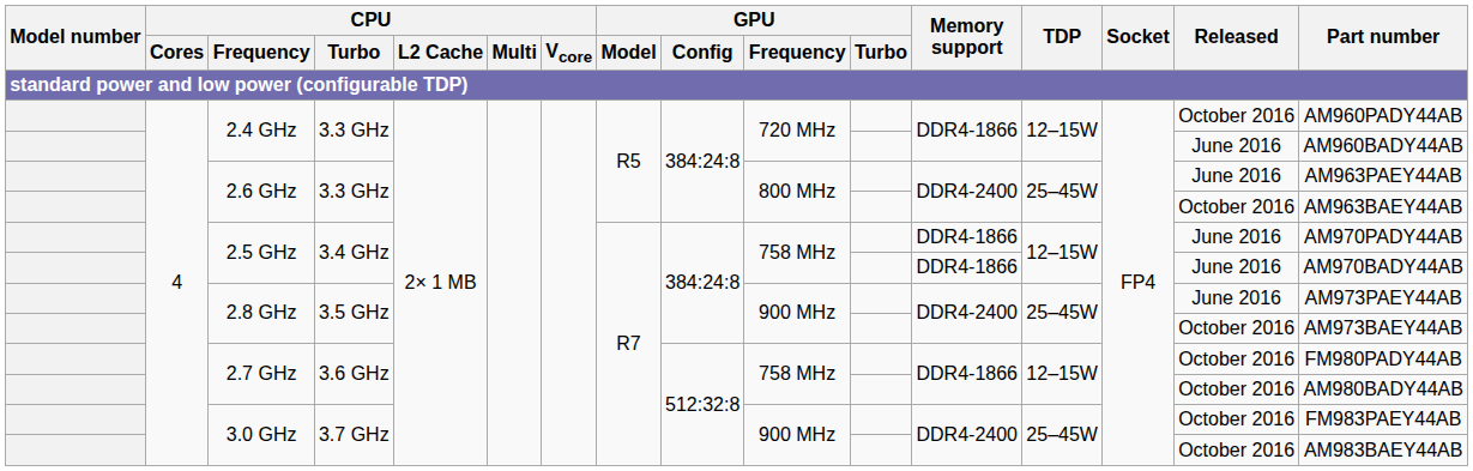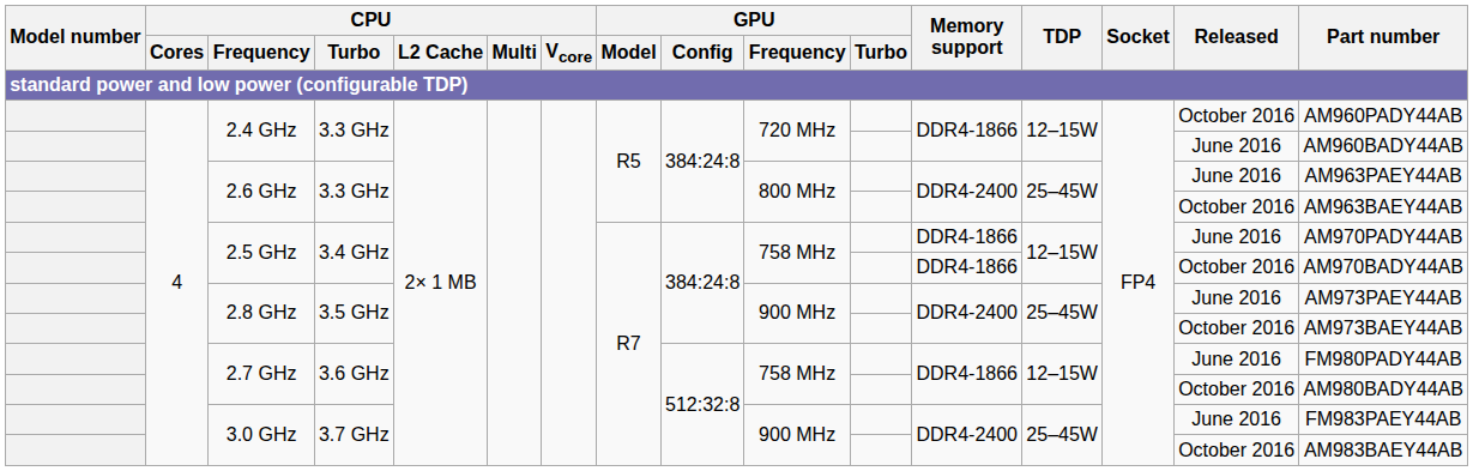 <table class="wikitable" style="text-align: center">
 <tr>
 <th style="text-align:left" rowspan="2">Model number</th>
 <th colspan="6">CPU</th>
 <th colspan="4">GPU</th>
 <th rowspan="2">Memory<br>support</th>
 <th rowspan="2">TDP</th>
 <th rowspan="2">Socket</th>
 <th rowspan="2">Released</th>
 <th rowspan="2">Part number</th>
 </tr>
 <tr>
 <th>Cores</th>
 <th>Frequency</th>
 <th>Turbo</th>
 <th>L2 Cache</th>
 <th>Multi</th>
 <th>V<sub>core</sub></th>
 <th>Model</th>
 <th>Config</th>
 <th>Frequency</th>
 <th>Turbo</th>
 </tr>
 <tr>
 <th style="text-align:left; background:#716cae; color:white;" colspan="16">standard power and low power (configurable TDP)</th>
 </tr>
 <tr>
 <th style="text-align:left"></th>
 <td rowspan="12">4</td>
 <td rowspan="2">2.4 GHz</td>
 <td rowspan="2">3.3 GHz</td>
 <td rowspan="12">2× 1 MB</td>
 <td rowspan="12"></td>
 <td rowspan="12"></td>
 <td rowspan="4">R5</td>
 <td rowspan="4">384:24:8</td>
 <td rowspan="2">720 MHz</td>
 <td></td>
 <td rowspan="2">DDR4-1866</td>
 <td rowspan="2">12–15W</td>
 <td rowspan="12">FP4</td>
 <td>October 2016</td>
 <td>AM960PADY44AB</td>
 </tr>
 <tr>
 <th style="text-align:left"></th>
 <td></td>
 <td>June 2016</td>
 <td>AM960BADY44AB</td>
 </tr>
 <tr>
 <th style="text-align:left"></th>
 <td rowspan="2">2.6 GHz</td>
 <td rowspan="2">3.3 GHz</td>
 <td rowspan="2">800 MHz</td>
 <td></td>
 <td rowspan="2">DDR4-2400</td>
 <td rowspan="2">25–45W</td>
 <td>June 2016</td>
 <td>AM963PAEY44AB</td>
 </tr>
 <tr>
 <th style="text-align:left"></th>
 <td></td>
 <td>October 2016</td>
 <td>AM963BAEY44AB</td>
 </tr>
 <tr>
 <th style="text-align:left"></th>
 <td rowspan="2">2.5 GHz</td>
 <td rowspan="2">3.4 GHz</td>
 <td rowspan="8">R7</td>
 <td rowspan="4">384:24:8</td>
 <td rowspan="2">758 MHz</td>
 <td></td>
 <td>DDR4-1866</td>
 <td rowspan="2">12–15W</td>
 <td>June 2016</td>
 <td>AM970PADY44AB</td>
 </tr>
 <tr>
 <th style="text-align:left"></th>
 <td></td>
 <td>DDR4-1866</td>
-<td>June 2016</td>
+<td>October 2016</td>
 <td>AM970BADY44AB</td>
 </tr>
 <tr>
 <th style="text-align:left"></th>
 <td rowspan="2">2.8 GHz</td>
 <td rowspan="2">3.5 GHz</td>
 <td rowspan="2">900 MHz</td>
 <td></td>
 <td rowspan="2">DDR4-2400</td>
 <td rowspan="2">25–45W</td>
 <td>June 2016</td>
 <td>AM973PAEY44AB</td>
 </tr>
 <tr>
 <th style="text-align:left"></th>
 <td></td>
 <td>October 2016</td>
 <td>AM973BAEY44AB</td>
 </tr>
 <tr>
 <th style="text-align:left"></th>
 <td rowspan="2">2.7 GHz</td>
 <td rowspan="2">3.6 GHz</td>
 <td rowspan="4">512:32:8</td>
 <td rowspan="2">758 MHz</td>
 <td></td>
 <td rowspan="2">DDR4-1866</td>
 <td rowspan="2">12–15W</td>
-<td>October 2016</td>
+<td>June 2016</td>
 <td>FM980PADY44AB</td>
 </tr>
 <tr>
 <th style="text-align:left"></th>
 <td></td>
 <td>October 2016</td>
 <td>AM980BADY44AB</td>
 </tr>
 <tr>
 <th style="text-align:left"></th>
 <td rowspan="2">3.0 GHz</td>
 <td rowspan="2">3.7 GHz</td>
 <td rowspan="2">900 MHz</td>
 <td></td>
 <td rowspan="2">DDR4-2400</td>
 <td rowspan="2">25–45W</td>
-<td>October 2016</td>
+<td>June 2016</td>
 <td>FM983PAEY44AB</td>
 </tr>
 <tr>
 <th style="text-align:left"></th>
 <td></td>
 <td>October 2016</td>
 <td>AM983BAEY44AB</td>
 </tr>
 </table>
